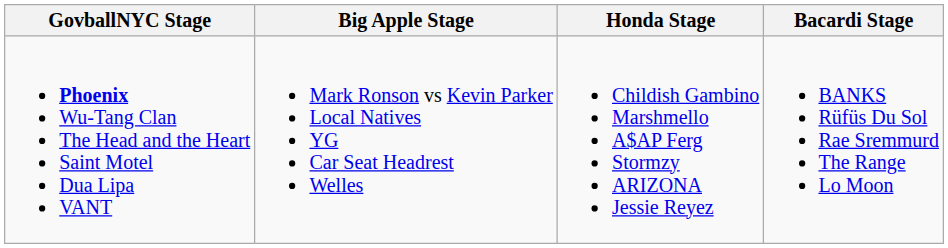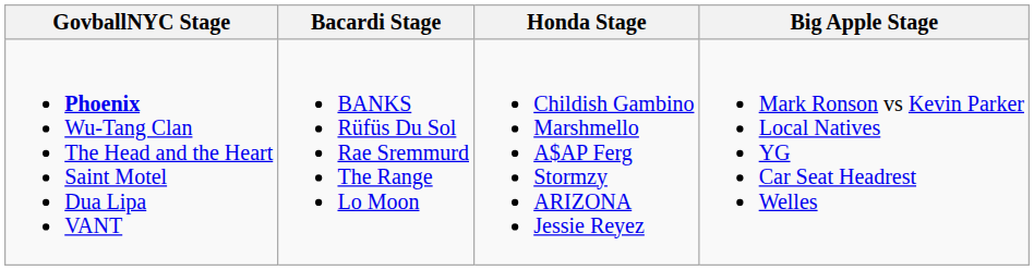 <table class="wikitable">
 <tr>
 <th>GovballNYC Stage</th>
+<th>Bacardi Stage</th>
+<th>Honda Stage</th>
 <th>Big Apple Stage</th>
-<th>Honda Stage</th>
-<th>Bacardi Stage</th>
 </tr>
 <tr valign="top">
 <td><br><ul><li><strong><a href='#'>Phoenix</a></strong></li><li><a href='#'>Wu-Tang Clan</a></li><li><a href='#'>The Head and the Heart</a></li><li><a href='#'>Saint Motel</a></li><li><a href='#'>Dua Lipa</a></li><li><a href='#'>VANT</a></li></ul></td>
+<td><br><ul><li><a href='#'>BANKS</a></li><li><a href='#'>Rüfüs Du Sol</a></li><li><a href='#'>Rae Sremmurd</a></li><li><a href='#'>The Range</a></li><li><a href='#'>Lo Moon</a></li></ul></td>
+<td><br><ul><li><a href='#'>Childish Gambino</a></li><li><a href='#'>Marshmello</a></li><li><a href='#'>A$AP Ferg</a></li><li><a href='#'>Stormzy</a></li><li><a href='#'>ARIZONA</a></li><li><a href='#'>Jessie Reyez</a></li></ul></td>
 <td><br><ul><li><a href='#'>Mark Ronson</a> vs <a href='#'>Kevin Parker</a></li><li><a href='#'>Local Natives</a></li><li><a href='#'>YG</a></li><li><a href='#'>Car Seat Headrest</a></li><li><a href='#'>Welles</a></li></ul></td>
-<td><br><ul><li><a href='#'>Childish Gambino</a></li><li><a href='#'>Marshmello</a></li><li><a href='#'>A$AP Ferg</a></li><li><a href='#'>Stormzy</a></li><li><a href='#'>ARIZONA</a></li><li><a href='#'>Jessie Reyez</a></li></ul></td>
-<td><br><ul><li><a href='#'>BANKS</a></li><li><a href='#'>Rüfüs Du Sol</a></li><li><a href='#'>Rae Sremmurd</a></li><li><a href='#'>The Range</a></li><li><a href='#'>Lo Moon</a></li></ul></td>
 </tr>
 </table>
